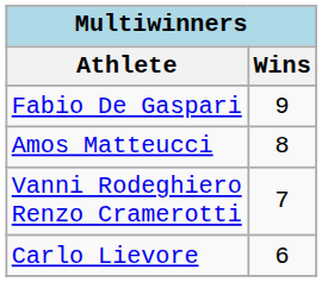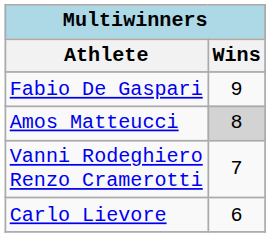 <table class="wikitable" style="margin-left: auto; margin-right: auto; border: none; font-size:90%; text-align:left">
 <tr>
 <td bgcolor=lightblue align=center colspan=2><strong>Multiwinners</strong></td>
 </tr>
 <tr>
 <th>Athlete</th>
 <th>Wins</th>
 </tr>
 <tr>
 <td><a href='#'>Fabio De Gaspari</a></td>
 <td align=center>9</td>
 </tr>
 <tr>
 <td><a href='#'>Amos Matteucci</a></td>
-<td align=center>8</td>
+<td align=center style="background: lightgrey;">8</td>
 </tr>
 <tr>
 <td><a href='#'>Vanni Rodeghiero</a> <br> <a href='#'>Renzo Cramerotti</a></td>
 <td align=center>7</td>
 </tr>
 <tr>
 <td><a href='#'>Carlo Lievore</a></td>
 <td align=center>6</td>
 </tr>
 </table>
